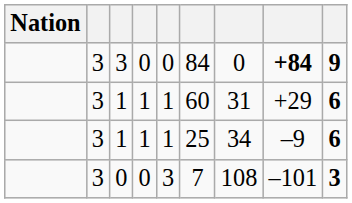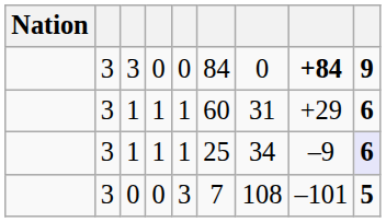 <table class="wikitable" style="text-align: center;">
 <tr>
 <th>Nation</th>
 <th></th>
 <th></th>
 <th></th>
 <th></th>
 <th></th>
 <th></th>
 <th></th>
 <th></th>
 </tr>
 <tr>
 <td align="left"></td>
 <td>3</td>
 <td>3</td>
 <td>0</td>
 <td>0</td>
 <td>84</td>
 <td>0</td>
 <td><strong>+84</strong></td>
 <td><strong>9</strong></td>
 </tr>
 <tr>
 <td align="left"></td>
 <td>3</td>
 <td>1</td>
 <td>1</td>
 <td>1</td>
 <td>60</td>
 <td>31</td>
 <td>+29</td>
 <td><strong>6</strong></td>
 </tr>
 <tr>
 <td align="left"></td>
 <td>3</td>
 <td>1</td>
 <td>1</td>
 <td>1</td>
 <td>25</td>
 <td>34</td>
 <td>–9</td>
-<td><strong>6</strong></td>
+<td style="background: lavender;"><strong>6</strong></td>
 </tr>
 <tr>
 <td align="left"></td>
 <td>3</td>
 <td>0</td>
 <td>0</td>
 <td>3</td>
 <td>7</td>
 <td>108</td>
 <td>–101</td>
-<td><strong>3</strong></td>
+<td><strong>5</strong></td>
 </tr>
 </table>
